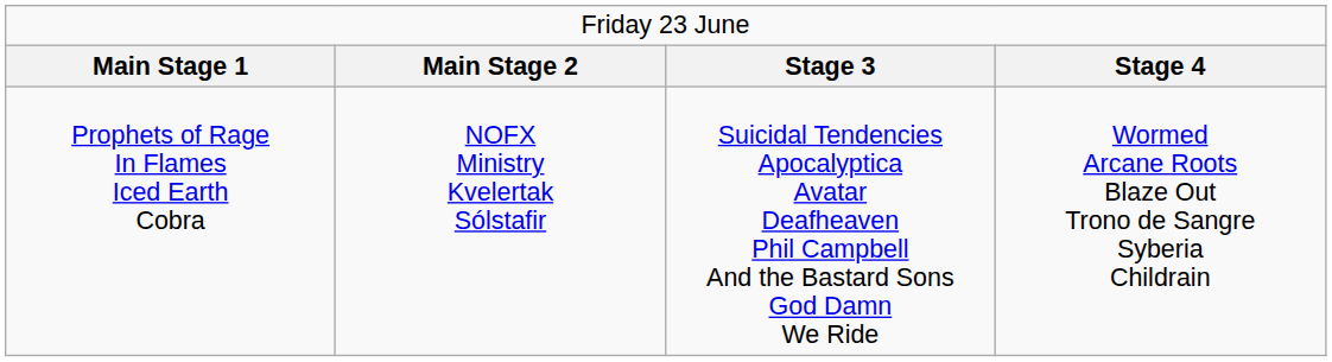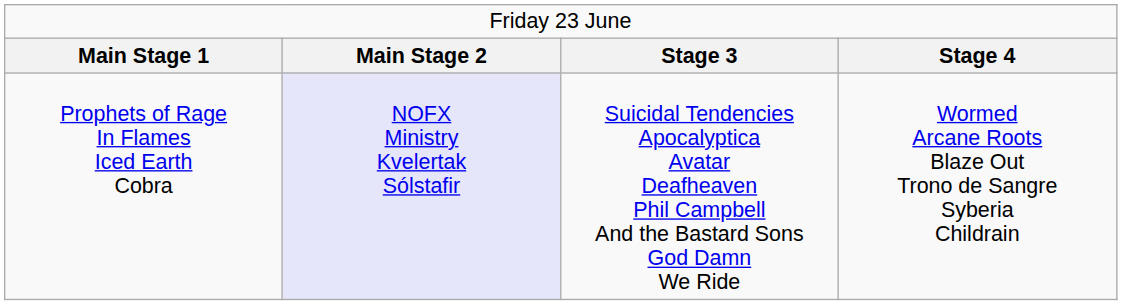 <table class="wikitable">
 <tr>
 <td colspan="4" style="text-align:center;">Friday 23 June</td>
 </tr>
 <tr>
 <th>Main Stage 1</th>
 <th>Main Stage 2</th>
 <th>Stage 3</th>
 <th>Stage 4</th>
 </tr>
 <tr>
 <td style="text-align:center; vertical-align:top; width:200px;"><br><a href='#'>Prophets of Rage</a><br> <a href='#'>In Flames</a><br> <a href='#'>Iced Earth</a><br> Cobra<br></td>
-<td style="text-align:center; vertical-align:top; width:200px;"><br><a href='#'>NOFX</a><br> <a href='#'>Ministry</a><br> <a href='#'>Kvelertak</a><br> <a href='#'>Sólstafir</a><br></td>
+<td style="background: lavender; text-align:center; vertical-align:top; width:200px;"><br><a href='#'>NOFX</a><br> <a href='#'>Ministry</a><br> <a href='#'>Kvelertak</a><br> <a href='#'>Sólstafir</a><br></td>
 <td style="text-align:center; vertical-align:top; width:200px;"><br><a href='#'>Suicidal Tendencies</a><br> <a href='#'>Apocalyptica</a><br> <a href='#'>Avatar</a><br> <a href='#'>Deafheaven</a><br> <a href='#'>Phil Campbell</a><br> And the Bastard Sons<br> <a href='#'>God Damn</a><br> We Ride<br></td>
 <td style="text-align:center; vertical-align:top; width:200px;"><br><a href='#'>Wormed</a><br> <a href='#'>Arcane Roots</a><br> Blaze Out<br> Trono de Sangre<br> Syberia<br> Childrain<br></td>
 </tr>
 </table>
